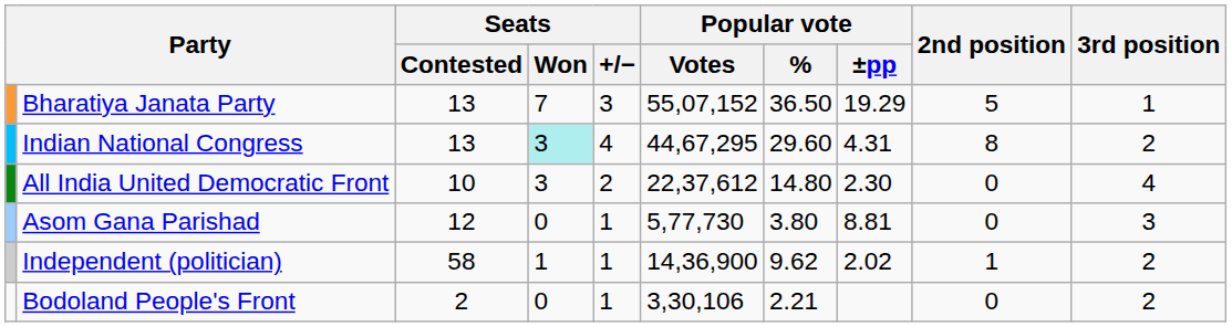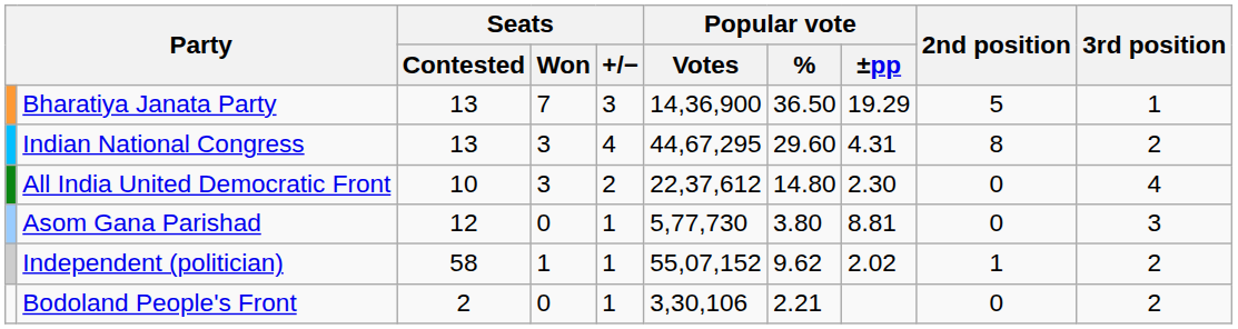 <table class="wikitable">
 <tr>
 <th colspan=2 rowspan="2">Party</th>
 <th colspan="3">Seats</th>
 <th colspan="3">Popular vote</th>
 <th rowspan="2">2nd position</th>
 <th rowspan="2">3rd position</th>
 </tr>
 <tr>
 <th>Contested</th>
 <th>Won</th>
 <th><strong>+/−</strong></th>
 <th>Votes</th>
 <th>%</th>
 <th>±<a href='#'>pp</a></th>
 </tr>
 <tr>
 <td bgcolor="#FF9933"></td>
 <td><a href='#'>Bharatiya Janata Party</a></td>
 <td style="text-align:center;">13</td>
 <td>7</td>
 <td> 3</td>
-<td>55,07,152</td>
+<td>14,36,900</td>
 <td>36.50</td>
 <td>19.29</td>
 <td style="text-align:center;">5</td>
 <td style="text-align:center;">1</td>
 </tr>
 <tr>
 <td bgcolor="#00BFFF"></td>
 <td><a href='#'>Indian National Congress</a></td>
 <td style="text-align:center;">13</td>
-<td style="background: paleturquoise;">3</td>
+<td>3</td>
 <td> 4</td>
 <td>44,67,295</td>
 <td>29.60</td>
 <td>4.31</td>
 <td style="text-align:center;">8</td>
 <td style="text-align:center;">2</td>
 </tr>
 <tr>
 <td bgcolor="#0A8612"></td>
 <td><a href='#'>All India United Democratic Front</a></td>
 <td style="text-align:center;">10</td>
 <td>3</td>
 <td> 2</td>
 <td>22,37,612</td>
 <td>14.80</td>
 <td>2.30</td>
 <td style="text-align:center;">0</td>
 <td style="text-align:center;">4</td>
 </tr>
 <tr>
 <td bgcolor="#99CCFF"></td>
 <td><a href='#'>Asom Gana Parishad</a></td>
 <td style="text-align:center;">12</td>
 <td>0</td>
 <td> 1</td>
 <td>5,77,730</td>
 <td>3.80</td>
 <td>8.81</td>
 <td style="text-align:center;">0</td>
 <td style="text-align:center;">3</td>
 </tr>
 <tr>
 <td bgcolor="#CDCDCD"></td>
 <td><a href='#'>Independent (politician)</a></td>
 <td style="text-align:center;">58</td>
 <td>1</td>
 <td> 1</td>
-<td>14,36,900</td>
+<td>55,07,152</td>
 <td>9.62</td>
 <td>2.02</td>
 <td style="text-align:center;">1</td>
 <td style="text-align:center;">2</td>
 </tr>
 <tr>
 <td></td>
 <td><a href='#'>Bodoland People's Front</a></td>
 <td style="text-align:center;">2</td>
 <td>0</td>
 <td>1</td>
 <td>3,30,106</td>
 <td>2.21</td>
 <td></td>
 <td style="text-align:center;">0</td>
 <td style="text-align:center;">2</td>
 </tr>
 </table>
